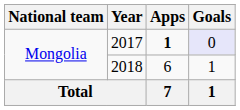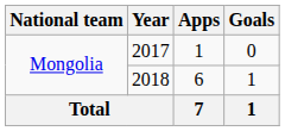 <table class="wikitable" style="text-align:center">
 <tr>
 <th>National team</th>
 <th>Year</th>
 <th>Apps</th>
 <th>Goals</th>
 </tr>
 <tr>
 <td rowspan="2"><a href='#'>Mongolia</a></td>
 <td>2017</td>
-<td><strong>1</strong></td>
-<td style="background: lavender;">0</td>
+<td>1</td>
+<td>0</td>
 </tr>
 <tr>
 <td>2018</td>
 <td>6</td>
 <td>1</td>
 </tr>
 <tr>
 <th colspan=2>Total</th>
 <th>7</th>
 <th>1</th>
 </tr>
 </table>
